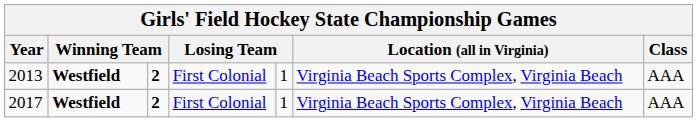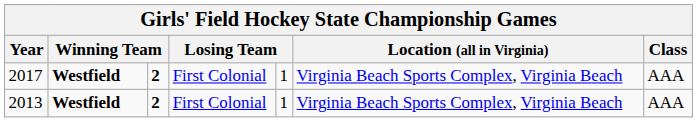 <table class="wikitable collapsible collapsed" width=650px>
 <tr>
 <th colspan="7" style="text-align:center;"><big><strong>Girls' Field Hockey State Championship Games</strong></big></th>
 </tr>
 <tr>
 <th align=center><strong>Year</strong></th>
 <th colspan="2" style="text-align:center;"><strong>Winning Team</strong></th>
 <th colspan="2" style="text-align:center;"><strong>Losing Team</strong></th>
 <th align=center><strong>Location</strong> <small>(all in Virginia)</small></th>
 <th align=center><strong>Class</strong></th>
 </tr>
 <tr>
+<td>2017</td>
+<td><strong>Westfield</strong></td>
+<td><strong>2</strong></td>
+<td><a href='#'>First Colonial</a></td>
+<td>1</td>
+<td><a href='#'>Virginia Beach Sports Complex</a>, <a href='#'>Virginia Beach</a></td>
+<td>AAA</td>
+</tr>
+<tr>
 <td>2013</td>
 <td><strong>Westfield</strong></td>
 <td><strong>2</strong></td>
 <td><a href='#'>First Colonial</a></td>
 <td>1</td>
 <td><a href='#'>Virginia Beach Sports Complex</a>, <a href='#'>Virginia Beach</a></td>
 <td>AAA</td>
 </tr>
-<tr>
-<td>2017</td>
-<td><strong>Westfield</strong></td>
-<td><strong>2</strong></td>
-<td><a href='#'>First Colonial</a></td>
-<td>1</td>
-<td><a href='#'>Virginia Beach Sports Complex</a>, <a href='#'>Virginia Beach</a></td>
-<td>AAA</td>
-</tr>
 </table>
